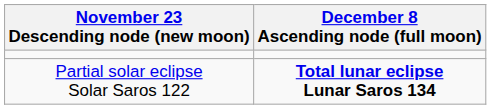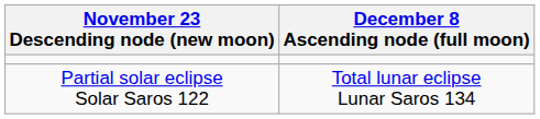 <table class="wikitable">
 <tr>
 <th><a href='#'>November 23</a><br>Descending node (new moon)</th>
 <th><a href='#'>December 8</a><br>Ascending node (full moon)</th>
 </tr>
 <tr>
 <td></td>
 <td></td>
 </tr>
 <tr align=center>
 <td><a href='#'>Partial solar eclipse</a><br>Solar Saros 122</td>
-<td><strong><a href='#'>Total lunar eclipse</a><br>Lunar Saros 134</strong></td>
+<td><a href='#'>Total lunar eclipse</a><br>Lunar Saros 134</td>
 </tr>
 </table>
